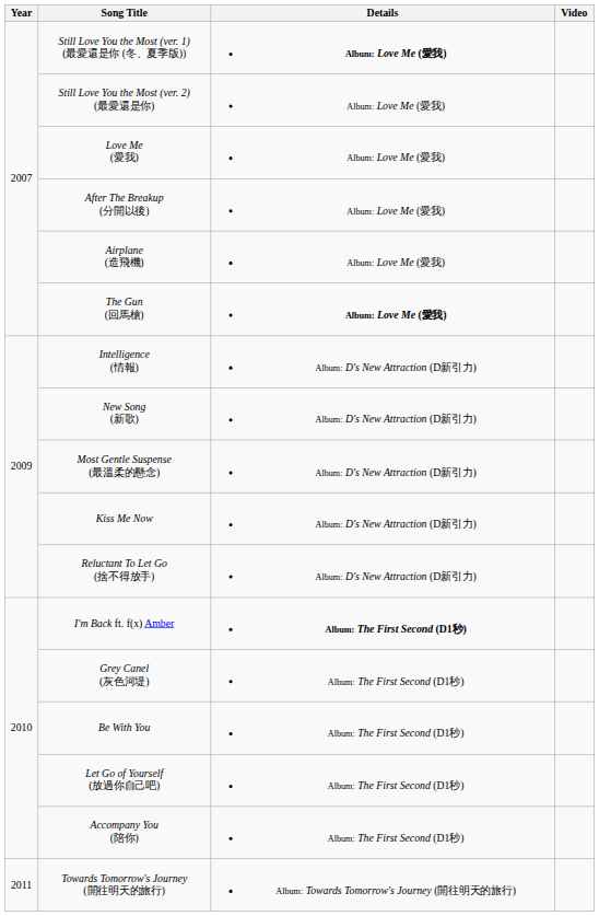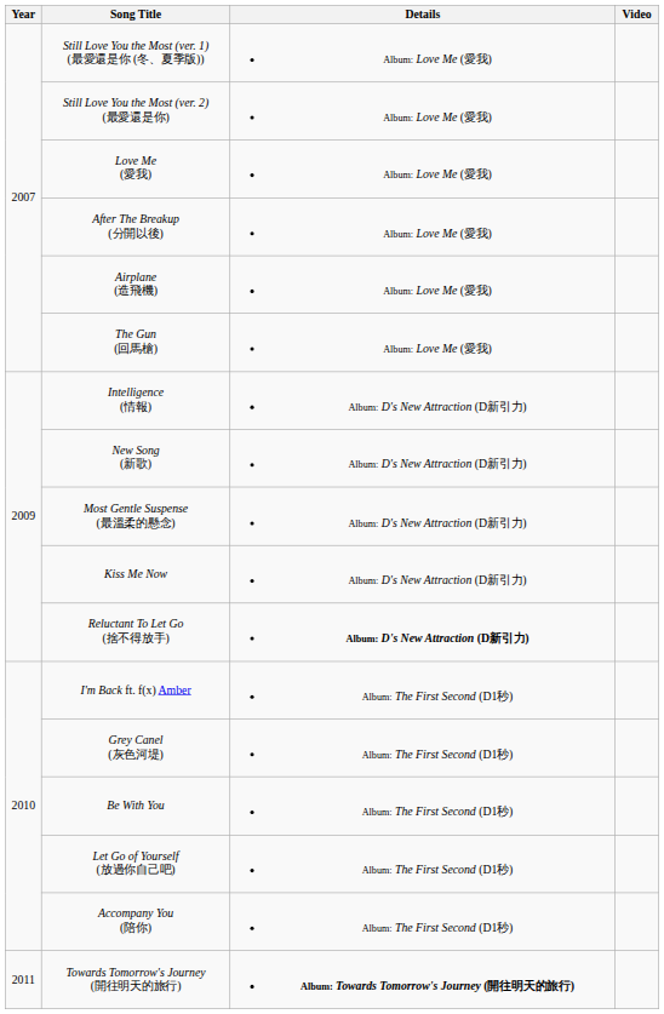 <table class="wikitable" width=70%>
 <tr>
 <th>Year</th>
 <th>Song Title</th>
 <th>Details</th>
 <th>Video</th>
 </tr>
 <tr align=center>
 <td rowspan=6>2007</td>
 <td><em>Still Love You the Most (ver. 1)</em><br>(最愛還是你 (冬、夏季版))</td>
-<td><strong><br><ul><li><small>Album:</small> <em>Love Me</em> (愛我)</li></ul></strong></td>
+<td><br><ul><li><small>Album:</small> <em>Love Me</em> (愛我)</li></ul></td>
 <td></td>
 </tr>
 <tr align=center>
 <td><em>Still Love You the Most (ver. 2)</em><br>(最愛還是你)</td>
 <td><br><ul><li><small>Album:</small> <em>Love Me</em> (愛我)</li></ul></td>
 <td></td>
 </tr>
 <tr align=center>
 <td><em>Love Me</em><br> (愛我)</td>
 <td><br><ul><li><small>Album:</small> <em>Love Me</em> (愛我)</li></ul></td>
 <td></td>
 </tr>
 <tr align=center>
 <td><em>After The Breakup</em><br>(分開以後)</td>
 <td><br><ul><li><small>Album:</small> <em>Love Me</em> (愛我)</li></ul></td>
 <td></td>
 </tr>
 <tr align=center>
 <td><em>Airplane</em><br> (造飛機)</td>
 <td><br><ul><li><small>Album:</small> <em>Love Me</em> (愛我)</li></ul></td>
 <td></td>
 </tr>
 <tr align=center>
 <td><em>The Gun</em><br> (回馬槍)</td>
-<td><strong><br><ul><li><small>Album:</small> <em>Love Me</em> (愛我)</li></ul></strong></td>
+<td><br><ul><li><small>Album:</small> <em>Love Me</em> (愛我)</li></ul></td>
 <td></td>
 </tr>
 <tr align=center>
 <td rowspan=5>2009</td>
 <td><em>Intelligence</em><br>(情報)</td>
 <td><br><ul><li><small>Album:</small> <em>D's New Attraction</em> (D新引力)</li></ul></td>
 <td></td>
 </tr>
 <tr align=center>
 <td><em>New Song</em> <br>(新歌)</td>
 <td><br><ul><li><small>Album:</small> <em>D's New Attraction</em> (D新引力)</li></ul></td>
 <td></td>
 </tr>
 <tr align=center>
 <td><em>Most Gentle Suspense</em><br> (最溫柔的懸念)</td>
 <td><br><ul><li><small>Album:</small> <em>D's New Attraction</em> (D新引力)</li></ul></td>
 <td></td>
 </tr>
 <tr align=center>
 <td><em>Kiss Me Now</em></td>
 <td><br><ul><li><small>Album:</small> <em>D's New Attraction</em> (D新引力)</li></ul></td>
 <td></td>
 </tr>
 <tr align=center>
 <td><em>Reluctant To Let Go</em><br>(捨不得放手)</td>
-<td><br><ul><li><small>Album:</small> <em>D's New Attraction</em> (D新引力)</li></ul></td>
+<td><strong><br><ul><li><small>Album:</small> <em>D's New Attraction</em> (D新引力)</li></ul></strong></td>
 <td></td>
 </tr>
 <tr align=center>
 <td rowspan=5>2010</td>
 <td><em>I'm Back</em> ft. f(x) <a href='#'>Amber</a></td>
-<td><strong><br><ul><li><small>Album:</small> <em>The First Second</em> (D1秒)</li></ul></strong></td>
+<td><br><ul><li><small>Album:</small> <em>The First Second</em> (D1秒)</li></ul></td>
 <td></td>
 </tr>
 <tr align=center>
 <td><em>Grey Canel</em><br>(灰色河堤)</td>
 <td><br><ul><li><small>Album:</small> <em>The First Second</em> (D1秒)</li></ul></td>
 <td></td>
 </tr>
 <tr align=center>
 <td><em>Be With You</em></td>
 <td><br><ul><li><small>Album:</small> <em>The First Second</em> (D1秒)</li></ul></td>
 <td></td>
 </tr>
 <tr align=center>
 <td><em>Let Go of Yourself</em><br>(放過你自己吧)</td>
 <td><br><ul><li><small>Album:</small> <em>The First Second</em> (D1秒)</li></ul></td>
 <td></td>
 </tr>
 <tr align=center>
 <td><em>Accompany You</em><br>(陪你)</td>
 <td><br><ul><li><small>Album:</small> <em>The First Second</em> (D1秒)</li></ul></td>
 <td></td>
 </tr>
 <tr align=center>
 <td rowspan=5>2011</td>
 <td><em>Towards Tomorrow's Journey</em><br>(開往明天的旅行)</td>
-<td><br><ul><li><small>Album:</small> <em>Towards Tomorrow's Journey</em> (開往明天的旅行)</li></ul></td>
+<td><strong><br><ul><li><small>Album:</small> <em>Towards Tomorrow's Journey</em> (開往明天的旅行)</li></ul></strong></td>
 <td></td>
 </tr>
 </table>
